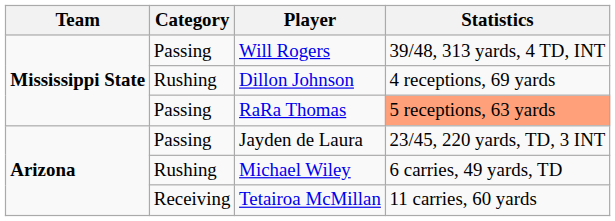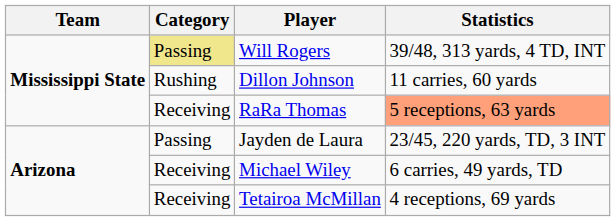 <table class="wikitable" style="float: right;">
 <tr>
 <th>Team</th>
 <th>Category</th>
 <th>Player</th>
 <th>Statistics</th>
 </tr>
 <tr>
 <td rowspan=3><strong>Mississippi State</strong></td>
-<td>Passing</td>
+<td style="background: khaki;">Passing</td>
 <td><a href='#'>Will Rogers</a></td>
 <td>39/48, 313 yards, 4 TD, INT</td>
 </tr>
 <tr>
 <td>Rushing</td>
 <td><a href='#'>Dillon Johnson</a></td>
-<td>4 receptions, 69 yards</td>
+<td>11 carries, 60 yards</td>
 </tr>
 <tr>
-<td>Passing</td>
+<td>Receiving</td>
 <td><a href='#'>RaRa Thomas</a></td>
 <td style="background: lightsalmon;">5 receptions, 63 yards</td>
 </tr>
 <tr>
 <td rowspan=3><strong>Arizona</strong></td>
 <td>Passing</td>
 <td>Jayden de Laura</td>
 <td>23/45, 220 yards, TD, 3 INT</td>
 </tr>
 <tr>
-<td>Rushing</td>
+<td>Receiving</td>
 <td><a href='#'>Michael Wiley</a></td>
 <td>6 carries, 49 yards, TD</td>
 </tr>
 <tr>
 <td>Receiving</td>
 <td><a href='#'>Tetairoa McMillan</a></td>
-<td>11 carries, 60 yards</td>
+<td>4 receptions, 69 yards</td>
 </tr>
 </table>
